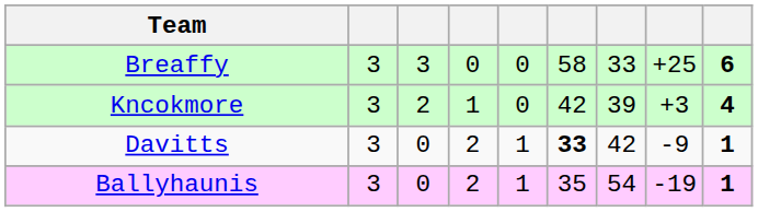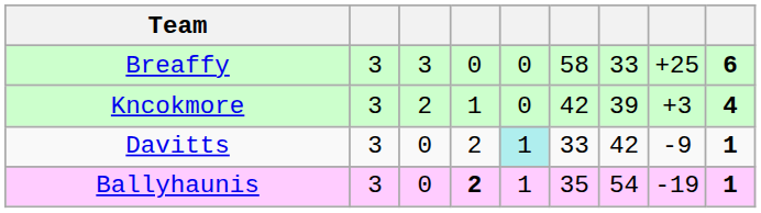 <table class="wikitable" style="text-align:center">
 <tr>
 <th style="width:175px;">Team</th>
 <th width="20"></th>
 <th width="20"></th>
 <th width="20"></th>
 <th width="20"></th>
 <th width="20"></th>
 <th width="20"></th>
 <th width="20"></th>
 <th width="20"></th>
 </tr>
 <tr style="background:#cfc;">
 <td><a href='#'>Breaffy</a></td>
 <td>3</td>
 <td>3</td>
 <td>0</td>
 <td>0</td>
 <td>58</td>
 <td>33</td>
 <td>+25</td>
 <td><strong>6</strong></td>
 </tr>
 <tr style="background:#cfc;">
 <td><a href='#'>Kncokmore</a></td>
 <td>3</td>
 <td>2</td>
 <td>1</td>
 <td>0</td>
 <td>42</td>
 <td>39</td>
 <td>+3</td>
 <td><strong>4</strong></td>
 </tr>
 <tr>
 <td><a href='#'>Davitts</a></td>
 <td>3</td>
 <td>0</td>
 <td>2</td>
-<td>1</td>
-<td><strong>33</strong></td>
+<td style="background: paleturquoise;">1</td>
+<td>33</td>
 <td>42</td>
 <td>-9</td>
 <td><strong>1</strong></td>
 </tr>
 <tr style="background:#fcf;">
 <td><a href='#'>Ballyhaunis</a></td>
 <td>3</td>
 <td>0</td>
-<td>2</td>
+<td><strong>2</strong></td>
 <td>1</td>
 <td>35</td>
 <td>54</td>
 <td>-19</td>
 <td><strong>1</strong></td>
 </tr>
 </table>
